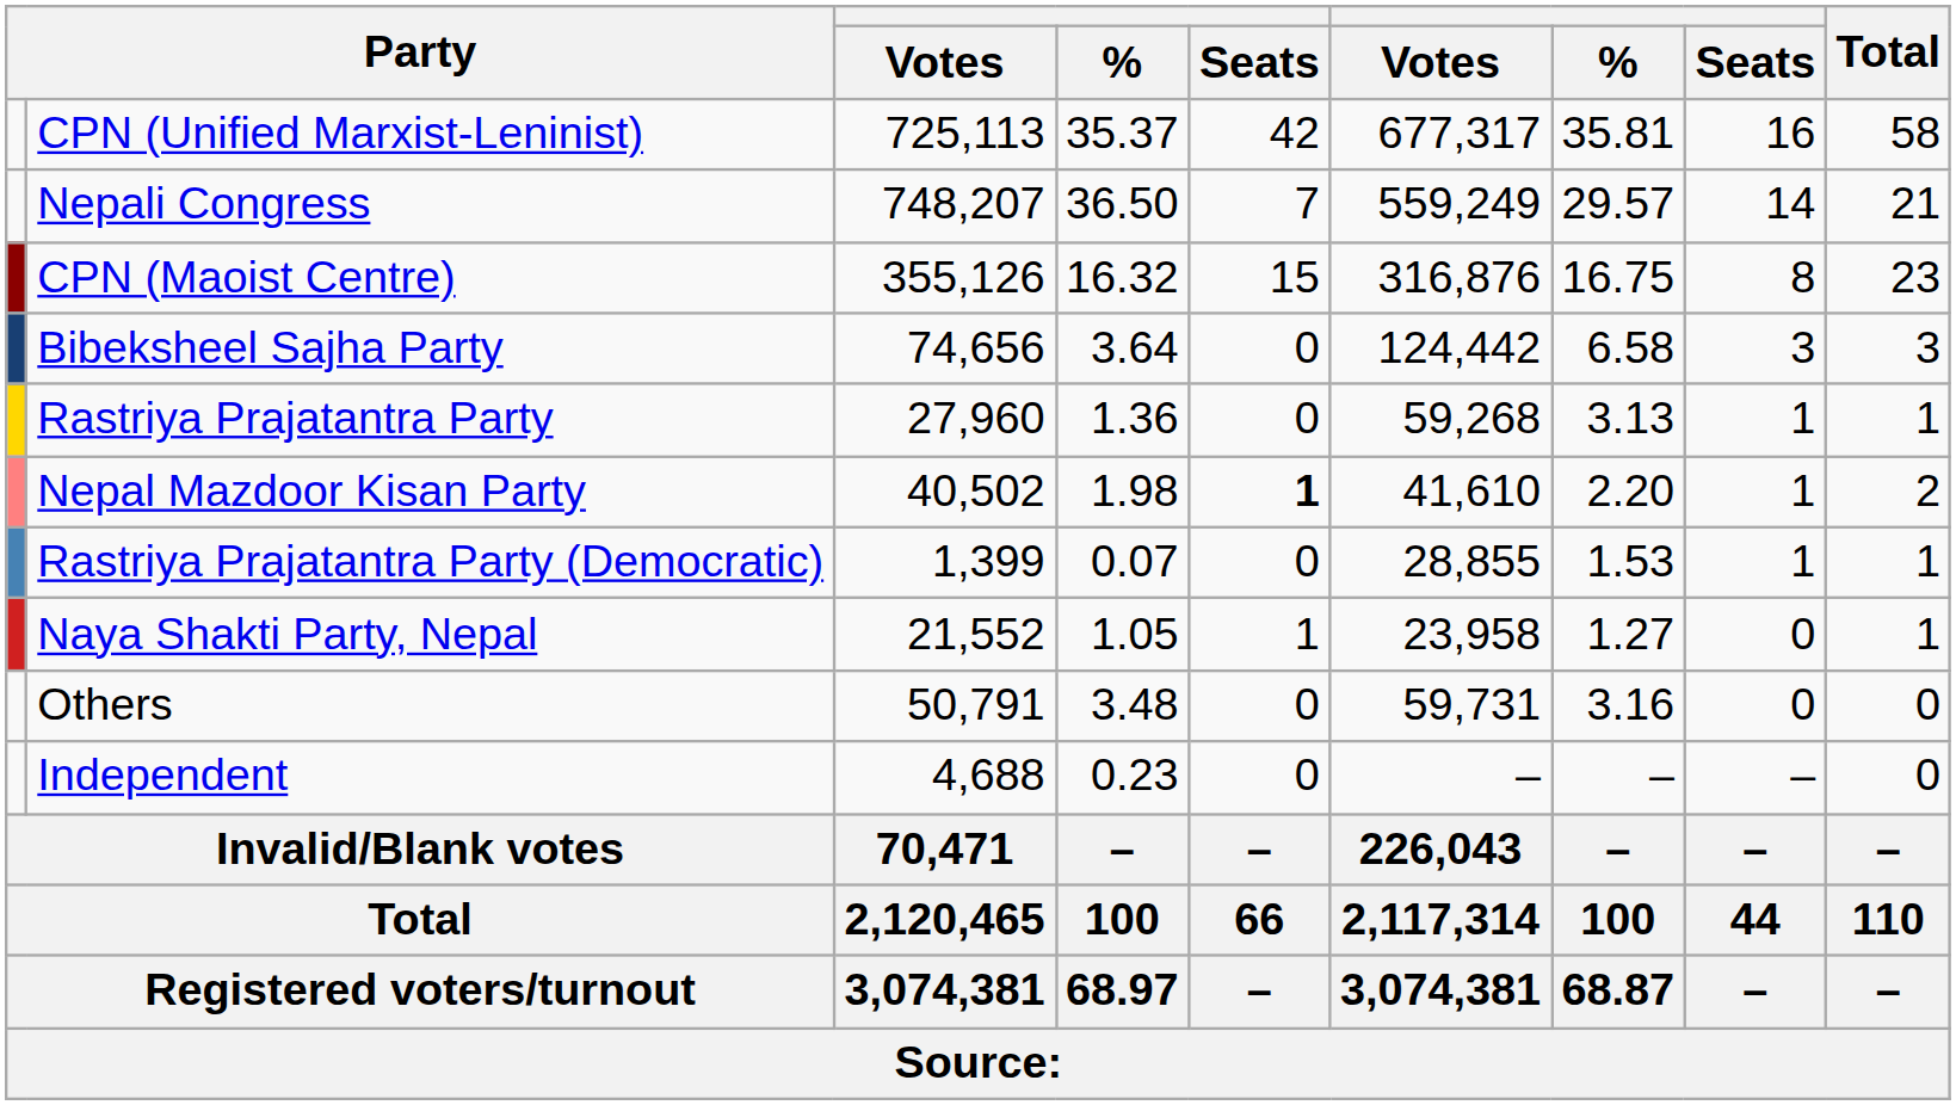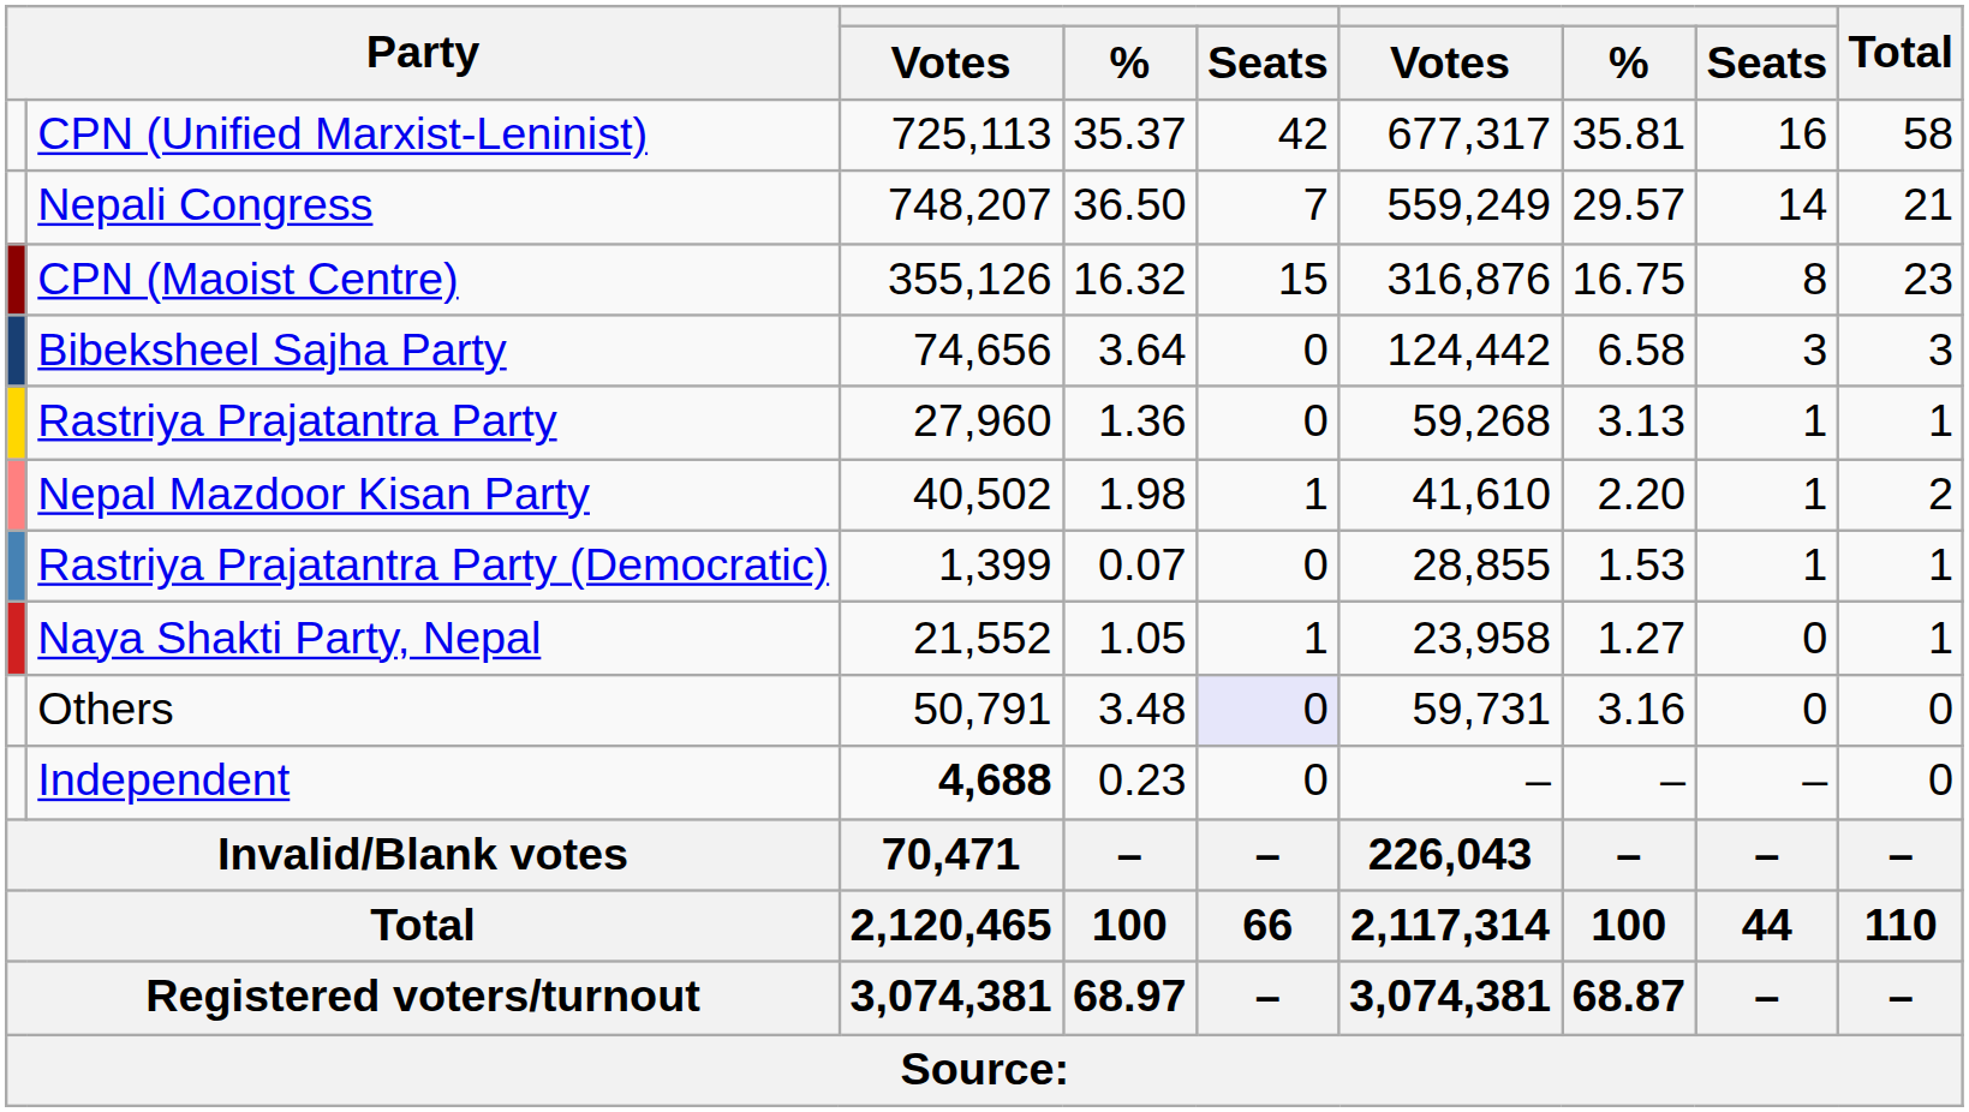 <table class="wikitable" style="text-align:right">
 <tr>
 <th colspan="2" rowspan="2">Party</th>
 <th colspan="3"></th>
 <th colspan="3"></th>
 <th rowspan="2">Total</th>
 </tr>
 <tr>
 <th>Votes</th>
 <th>%</th>
 <th>Seats</th>
 <th>Votes</th>
 <th>%</th>
 <th>Seats</th>
 </tr>
 <tr>
 <td></td>
 <td align="left"><a href='#'>CPN (Unified Marxist-Leninist)</a></td>
 <td>725,113</td>
 <td>35.37</td>
 <td>42</td>
 <td>677,317</td>
 <td>35.81</td>
 <td>16</td>
 <td>58</td>
 </tr>
 <tr>
 <td></td>
 <td align="left"><a href='#'>Nepali Congress</a></td>
 <td>748,207</td>
 <td>36.50</td>
 <td>7</td>
 <td>559,249</td>
 <td>29.57</td>
 <td>14</td>
 <td>21</td>
 </tr>
 <tr>
 <td bgcolor="8B0000"></td>
 <td align="left"><a href='#'>CPN (Maoist Centre)</a></td>
 <td>355,126</td>
 <td>16.32</td>
 <td>15</td>
 <td>316,876</td>
 <td>16.75</td>
 <td>8</td>
 <td>23</td>
 </tr>
 <tr>
 <td bgcolor="183F73"></td>
 <td align="left"><a href='#'>Bibeksheel Sajha Party</a></td>
 <td>74,656</td>
 <td>3.64</td>
 <td>0</td>
 <td>124,442</td>
 <td>6.58</td>
 <td>3</td>
 <td>3</td>
 </tr>
 <tr>
 <td bgcolor=#FFD700></td>
 <td align="left"><a href='#'>Rastriya Prajatantra Party</a></td>
 <td>27,960</td>
 <td>1.36</td>
 <td>0</td>
 <td>59,268</td>
 <td>3.13</td>
 <td>1</td>
 <td>1</td>
 </tr>
 <tr>
 <td bgcolor=#FF8080></td>
 <td align="left"><a href='#'>Nepal Mazdoor Kisan Party</a></td>
 <td>40,502</td>
 <td>1.98</td>
-<td><strong>1</strong></td>
+<td>1</td>
 <td>41,610</td>
 <td>2.20</td>
 <td>1</td>
 <td>2</td>
 </tr>
 <tr>
 <td bgcolor=#4682B4></td>
 <td align="left"><a href='#'>Rastriya Prajatantra Party (Democratic)</a></td>
 <td>1,399</td>
 <td>0.07</td>
 <td>0</td>
 <td>28,855</td>
 <td>1.53</td>
 <td>1</td>
 <td>1</td>
 </tr>
 <tr>
 <td bgcolor=#D02020></td>
 <td align="left"><a href='#'>Naya Shakti Party, Nepal</a></td>
 <td>21,552</td>
 <td>1.05</td>
 <td>1</td>
 <td>23,958</td>
 <td>1.27</td>
 <td>0</td>
 <td>1</td>
 </tr>
 <tr>
 <td></td>
 <td align="left">Others</td>
 <td>50,791</td>
 <td>3.48</td>
-<td>0</td>
+<td style="background: lavender;">0</td>
 <td>59,731</td>
 <td>3.16</td>
 <td>0</td>
 <td>0</td>
 </tr>
 <tr>
 <td></td>
 <td align="left"><a href='#'>Independent</a></td>
-<td>4,688</td>
+<td><strong>4,688</strong></td>
 <td>0.23</td>
 <td>0</td>
 <td>–</td>
 <td>–</td>
 <td>–</td>
 <td>0</td>
 </tr>
 <tr>
 <th colspan="2">Invalid/Blank votes</th>
 <th>70,471</th>
 <th>–</th>
 <th>–</th>
 <th>226,043</th>
 <th>–</th>
 <th>–</th>
 <th>–</th>
 </tr>
 <tr>
 <th colspan="2">Total</th>
 <th>2,120,465</th>
 <th>100</th>
 <th>66</th>
 <th>2,117,314</th>
 <th>100</th>
 <th>44</th>
 <th>110</th>
 </tr>
 <tr>
 <th colspan="2">Registered voters/turnout</th>
 <th>3,074,381</th>
 <th>68.97</th>
 <th>–</th>
 <th>3,074,381</th>
 <th>68.87</th>
 <th>–</th>
 <th>–</th>
 </tr>
 <tr>
 <th colspan="9">Source: </th>
 </tr>
 </table>
